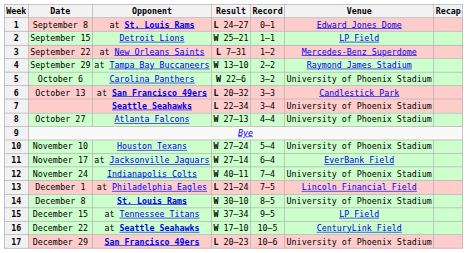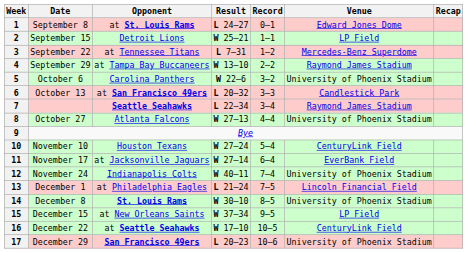 <table class="wikitable" style="text-align:center">
 <tr>
 <th>Week</th>
 <th>Date</th>
 <th>Opponent</th>
 <th>Result</th>
 <th>Record</th>
 <th>Venue</th>
 <th>Recap</th>
 </tr>
 <tr style="background:#fcc; text-align:center;">
 <th>1</th>
 <td>September 8</td>
 <td>at <strong><a href='#'>St. Louis Rams</a></strong></td>
 <td><strong>L</strong> 24–27</td>
 <td>0–1</td>
 <td><a href='#'>Edward Jones Dome</a></td>
 <td></td>
 </tr>
 <tr style="background:#cfc; text-align:center;">
 <th>2</th>
 <td>September 15</td>
 <td><a href='#'>Detroit Lions</a></td>
 <td><strong>W</strong> 25–21</td>
 <td>1–1</td>
 <td><a href='#'>LP Field</a></td>
 <td></td>
 </tr>
 <tr style="background:#fcc">
 <th>3</th>
 <td>September 22</td>
-<td>at <a href='#'>New Orleans Saints</a></td>
+<td>at <a href='#'>Tennessee Titans</a></td>
 <td><strong>L</strong> 7–31</td>
 <td>1–2</td>
 <td><a href='#'>Mercedes-Benz Superdome</a></td>
 <td></td>
 </tr>
 <tr style="background:#cfc; text-align:center;">
 <th>4</th>
 <td>September 29</td>
 <td>at <a href='#'>Tampa Bay Buccaneers</a></td>
 <td><strong>W</strong> 13–10</td>
 <td>2–2</td>
 <td><a href='#'>Raymond James Stadium</a></td>
 <td></td>
 </tr>
 <tr style="background:#cfc; text-align:center;">
 <th>5</th>
 <td>October 6</td>
 <td><a href='#'>Carolina Panthers</a></td>
 <td><strong>W</strong> 22–6</td>
 <td>3–2</td>
 <td>University of Phoenix Stadium</td>
 <td></td>
 </tr>
 <tr style="background:#fcc; text-align:center;">
 <th>6</th>
 <td>October 13</td>
 <td>at <strong><a href='#'>San Francisco 49ers</a></strong></td>
 <td><strong>L</strong> 20–32</td>
 <td>3–3</td>
 <td><a href='#'>Candlestick Park</a></td>
 <td></td>
 </tr>
 <tr style="background:#fcc; text-align:center;">
 <th>7</th>
 <td></td>
 <td><strong><a href='#'>Seattle Seahawks</a></strong></td>
 <td><strong>L</strong> 22–34</td>
 <td>3–4</td>
-<td>University of Phoenix Stadium</td>
+<td><a href='#'>Raymond James Stadium</a></td>
 <td></td>
 </tr>
 <tr style="background:#cfc; text-align:center;">
 <th>8</th>
 <td>October 27</td>
 <td><a href='#'>Atlanta Falcons</a></td>
 <td><strong>W</strong> 27–13</td>
 <td>4–4</td>
 <td>University of Phoenix Stadium</td>
 <td></td>
 </tr>
 <tr>
 <th>9</th>
 <td colspan="6" style="text-align:center;"><em><a href='#'>Bye</a></em></td>
 </tr>
 <tr style="background:#cfc; text-align:center;">
 <th>10</th>
 <td>November 10</td>
 <td><a href='#'>Houston Texans</a></td>
 <td><strong>W</strong> 27–24</td>
 <td>5–4</td>
-<td>University of Phoenix Stadium</td>
+<td><a href='#'>CenturyLink Field</a></td>
 <td></td>
 </tr>
 <tr style="background:#cfc; text-align:center;">
 <th>11</th>
 <td>November 17</td>
 <td>at <a href='#'>Jacksonville Jaguars</a></td>
 <td><strong>W</strong> 27–14</td>
 <td>6–4</td>
 <td><a href='#'>EverBank Field</a></td>
 <td></td>
 </tr>
 <tr style="background:#cfc; text-align:center;">
 <th>12</th>
 <td>November 24</td>
 <td><a href='#'>Indianapolis Colts</a></td>
 <td><strong>W</strong> 40–11</td>
 <td>7–4</td>
 <td>University of Phoenix Stadium</td>
 <td></td>
 </tr>
 <tr style="background:#fcc; text-align:center;">
 <th>13</th>
 <td>December 1</td>
 <td>at <a href='#'>Philadelphia Eagles</a></td>
 <td><strong>L</strong> 21–24</td>
 <td>7–5</td>
 <td><a href='#'>Lincoln Financial Field</a></td>
 <td></td>
 </tr>
 <tr style="background:#cfc; text-align:center;">
 <th>14</th>
 <td>December 8</td>
 <td><strong><a href='#'>St. Louis Rams</a></strong></td>
 <td><strong>W</strong> 30–10</td>
 <td>8–5</td>
 <td>University of Phoenix Stadium</td>
 <td></td>
 </tr>
 <tr style="background:#cfc; text-align:center;">
 <th>15</th>
 <td>December 15</td>
-<td>at <a href='#'>Tennessee Titans</a></td>
+<td>at <a href='#'>New Orleans Saints</a></td>
 <td><strong>W</strong> 37–34 </td>
 <td>9–5</td>
 <td><a href='#'>LP Field</a></td>
 <td></td>
 </tr>
 <tr style="background:#cfc; text-align:center;">
 <th>16</th>
 <td>December 22</td>
 <td>at <strong><a href='#'>Seattle Seahawks</a></strong></td>
 <td><strong>W</strong> 17–10</td>
 <td>10–5</td>
 <td><a href='#'>CenturyLink Field</a></td>
 <td></td>
 </tr>
 <tr style="background:#fcc; text-align:center;">
 <th>17</th>
 <td>December 29</td>
 <td><strong><a href='#'>San Francisco 49ers</a></strong></td>
 <td><strong>L</strong> 20–23</td>
 <td>10–6</td>
 <td>University of Phoenix Stadium</td>
 <td></td>
 </tr>
 </table>
